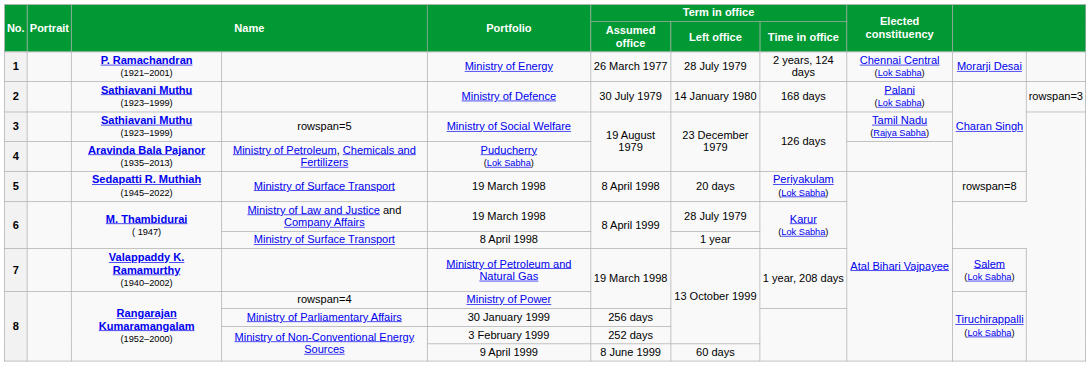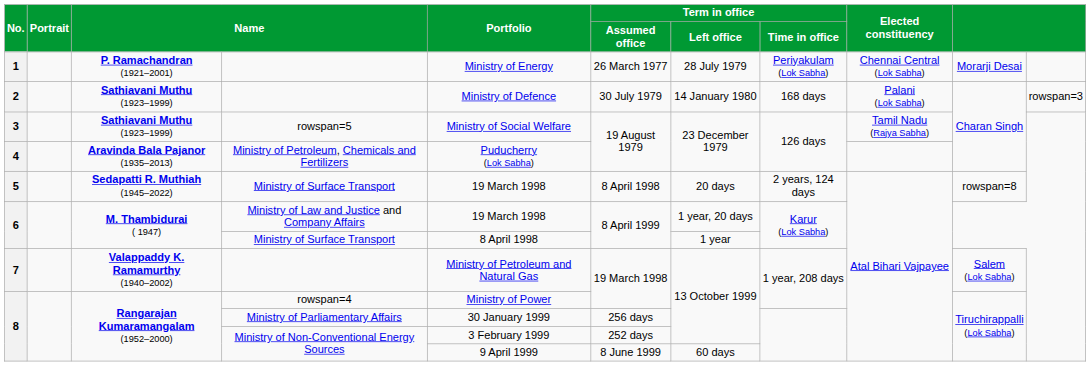 <table class="wikitable sortable" style="text-align:center;">
 <tr>
 <th rowspan=2 style="background-color:#009933;color:white">No.</th>
 <th rowspan=2 style="background-color:#009933;color:white">Portrait</th>
 <th rowspan=2 colspan=2 style="background-color:#009933;color:white">Name<br></th>
 <th rowspan=2 style="background-color:#009933;color:white">Portfolio</th>
 <th colspan=3 style="background-color:#009933;color:white">Term in office</th>
 <th rowspan=2 style="background-color:#009933;color:white">Elected constituency<br></th>
 <th rowspan=2 colspan=2 style="background-color:#009933;color:white"><a href='#'></a></th>
 </tr>
 <tr>
 <th style="background-color:#009933;color:white">Assumed office</th>
 <th style="background-color:#009933;color:white">Left office</th>
 <th style="background-color:#009933;color:white">Time in office</th>
 </tr>
 <tr>
 <th>1</th>
 <td></td>
 <td><strong><a href='#'>P. Ramachandran</a></strong><br><small>(1921–2001)</small></td>
 <td></td>
 <td><a href='#'>Ministry of Energy</a></td>
 <td>26 March 1977</td>
 <td>28 July 1979</td>
-<td>2 years, 124 days</td>
+<td><a href='#'>Periyakulam</a><br><small>(<a href='#'>Lok Sabha</a>)</small></td>
 <td><a href='#'>Chennai Central</a><br><small>(<a href='#'>Lok Sabha</a>)</small></td>
 <td><a href='#'>Morarji Desai</a></td>
 <td></td>
 </tr>
 <tr>
 <th>2</th>
 <td></td>
 <td><strong><a href='#'>Sathiavani Muthu</a></strong><br><small>(1923–1999)</small></td>
 <td></td>
 <td><a href='#'>Ministry of Defence</a></td>
 <td>30 July 1979</td>
 <td>14 January 1980</td>
 <td>168 days</td>
 <td><a href='#'>Palani</a><br><small>(<a href='#'>Lok Sabha</a>)</small></td>
 <td rowspan=3><a href='#'>Charan Singh</a></td>
 <td>rowspan=3 </td>
 </tr>
 <tr>
 <th>3</th>
 <td></td>
 <td><strong><a href='#'>Sathiavani Muthu</a></strong><br><small>(1923–1999)</small></td>
 <td>rowspan=5 </td>
 <td><a href='#'>Ministry of Social Welfare</a></td>
 <td rowspan=2>19 August 1979</td>
 <td rowspan=2>23 December 1979</td>
 <td rowspan=2>126 days</td>
 <td><a href='#'>Tamil Nadu</a><br><small>(<a href='#'>Rajya Sabha</a>)</small></td>
 </tr>
 <tr>
 <th>4</th>
 <td></td>
 <td><strong><a href='#'>Aravinda Bala Pajanor</a></strong><br><small>(1935–2013)</small></td>
 <td><a href='#'>Ministry of Petroleum</a>, <a href='#'>Chemicals and Fertilizers</a></td>
 <td><a href='#'>Puducherry</a><br><small>(<a href='#'>Lok Sabha</a>)</small></td>
 </tr>
 <tr>
 <th>5</th>
 <td></td>
 <td><strong><a href='#'>Sedapatti R. Muthiah</a></strong><br><small>(1945–2022)</small></td>
 <td><a href='#'>Ministry of Surface Transport</a></td>
 <td>19 March 1998</td>
 <td>8 April 1998</td>
 <td>20 days</td>
-<td><a href='#'>Periyakulam</a><br><small>(<a href='#'>Lok Sabha</a>)</small></td>
+<td>2 years, 124 days</td>
 <td rowspan=8><a href='#'>Atal Bihari Vajpayee</a></td>
 <td>rowspan=8 </td>
 </tr>
 <tr>
 <th rowspan=2>6</th>
 <td rowspan=2></td>
 <td rowspan=2><strong><a href='#'>M. Thambidurai</a></strong><br><small>( 1947)</small></td>
 <td><a href='#'>Ministry of Law and Justice</a> and <a href='#'>Company Affairs</a></td>
 <td>19 March 1998</td>
 <td rowspan=2>8 April 1999</td>
-<td>28 July 1979</td>
+<td>1 year, 20 days</td>
 <td rowspan=2><a href='#'>Karur</a><br><small>(<a href='#'>Lok Sabha</a>)</small></td>
 </tr>
 <tr>
 <td><a href='#'>Ministry of Surface Transport</a></td>
 <td>8 April 1998</td>
 <td>1 year</td>
 </tr>
 <tr>
 <th>7</th>
 <td></td>
 <td><strong><a href='#'>Valappaddy K. Ramamurthy</a></strong><br><small>(1940–2002)</small></td>
 <td></td>
 <td><a href='#'>Ministry of Petroleum and Natural Gas</a></td>
 <td rowspan=2>19 March 1998</td>
 <td rowspan=4>13 October 1999</td>
 <td rowspan=2>1 year, 208 days</td>
 <td><a href='#'>Salem</a><br><small>(<a href='#'>Lok Sabha</a>)</small></td>
 </tr>
 <tr>
 <th rowspan=4>8</th>
 <td rowspan=4></td>
 <td rowspan=4><strong><a href='#'>Rangarajan Kumaramangalam</a></strong><br><small>(1952–2000)</small></td>
 <td>rowspan=4 </td>
 <td><a href='#'>Ministry of Power</a></td>
 <td rowspan=4><a href='#'>Tiruchirappalli</a><br><small>(<a href='#'>Lok Sabha</a>)</small></td>
 </tr>
 <tr>
 <td><a href='#'>Ministry of Parliamentary Affairs</a></td>
 <td>30 January 1999</td>
 <td>256 days</td>
 </tr>
 <tr>
 <td rowspan=2><a href='#'>Ministry of Non-Conventional Energy Sources</a></td>
 <td>3 February 1999</td>
 <td>252 days</td>
 </tr>
 <tr>
 <td>9 April 1999</td>
 <td>8 June 1999</td>
 <td>60 days</td>
 </tr>
 </table>
